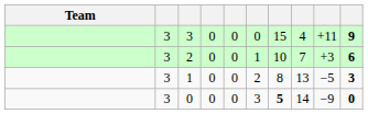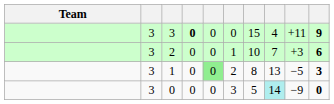 <table class="wikitable" style="text-align: center;">
 <tr>
 <th width="175">Team</th>
 <th width="20"></th>
 <th width="20"></th>
 <th width="20"></th>
 <th width="20"></th>
 <th width="20"></th>
 <th width="20"></th>
 <th width="20"></th>
 <th width="20"></th>
 <th width="20"></th>
 </tr>
 <tr bgcolor=#ccffcc>
 <td align=left></td>
 <td>3</td>
 <td>3</td>
-<td>0</td>
+<td><strong>0</strong></td>
 <td>0</td>
 <td>0</td>
 <td>15</td>
 <td>4</td>
 <td>+11</td>
 <td><strong>9</strong></td>
 </tr>
 <tr bgcolor=#ccffcc>
 <td align=left></td>
 <td>3</td>
 <td>2</td>
 <td>0</td>
 <td>0</td>
 <td>1</td>
 <td>10</td>
 <td>7</td>
 <td>+3</td>
 <td><strong>6</strong></td>
 </tr>
 <tr>
 <td align=left></td>
 <td>3</td>
 <td>1</td>
 <td>0</td>
-<td>0</td>
+<td style="background: lightgreen;">0</td>
 <td>2</td>
 <td>8</td>
 <td>13</td>
 <td>−5</td>
 <td><strong>3</strong></td>
 </tr>
 <tr>
 <td align=left></td>
 <td>3</td>
 <td>0</td>
 <td>0</td>
 <td>0</td>
 <td>3</td>
-<td><strong>5</strong></td>
-<td>14</td>
+<td>5</td>
+<td style="background: paleturquoise;">14</td>
 <td>−9</td>
 <td><strong>0</strong></td>
 </tr>
 </table>
